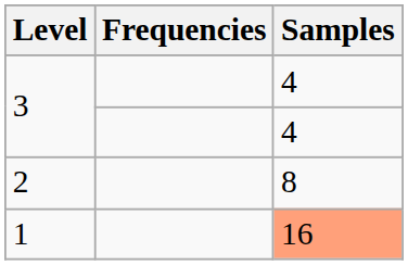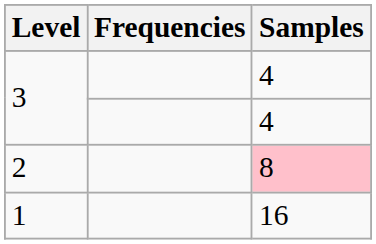 <table class="wikitable">
 <tr>
 <th>Level</th>
 <th>Frequencies</th>
 <th>Samples</th>
 </tr>
 <tr>
 <td rowspan="2">3</td>
 <td></td>
 <td>4</td>
 </tr>
 <tr>
 <td></td>
 <td>4</td>
 </tr>
 <tr>
 <td>2</td>
 <td></td>
-<td>8</td>
+<td style="background: pink;">8</td>
 </tr>
 <tr>
 <td>1</td>
 <td></td>
-<td style="background: lightsalmon;">16</td>
+<td>16</td>
 </tr>
 </table>
